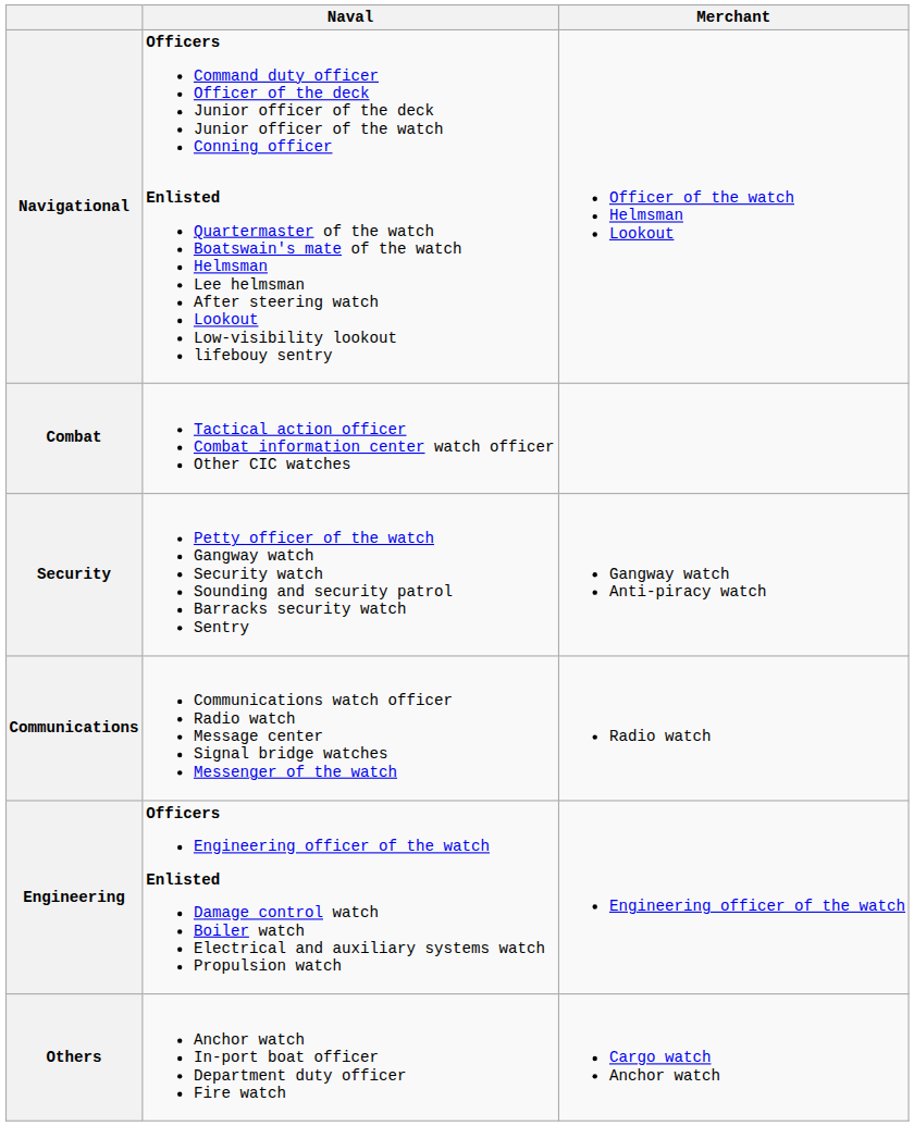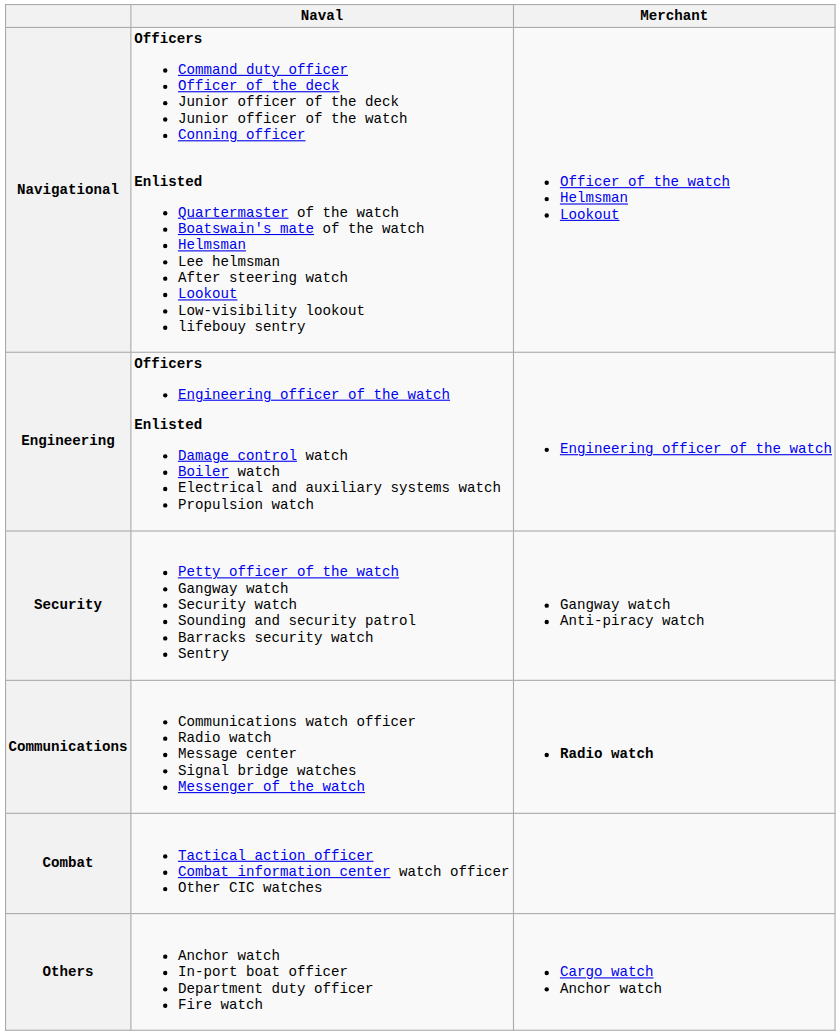 <table class="wikitable" style="margin-left: auto; margin-right: auto; border: none;">
 <tr>
 <th></th>
 <th>Naval</th>
 <th>Merchant</th>
 </tr>
 <tr>
 <th>Navigational</th>
 <td><strong>Officers</strong><br><ul><li><a href='#'>Command duty officer</a></li><li><a href='#'>Officer of the deck</a></li><li>Junior officer of the deck</li><li>Junior officer of the watch</li><li><a href='#'>Conning officer</a></li></ul><br><strong>Enlisted</strong><ul><li><a href='#'>Quartermaster</a> of the watch</li><li><a href='#'>Boatswain's mate</a> of the watch</li><li><a href='#'>Helmsman</a></li><li>Lee helmsman</li><li>After steering watch</li><li><a href='#'>Lookout</a></li><li>Low-visibility lookout</li><li>lifebouy sentry</li></ul></td>
 <td><br><ul><li><a href='#'>Officer of the watch</a></li><li><a href='#'>Helmsman</a></li><li><a href='#'>Lookout</a></li></ul></td>
 </tr>
 <tr>
-<th>Combat</th>
-<td><br><ul><li><a href='#'>Tactical action officer</a></li><li><a href='#'>Combat information center</a> watch officer</li><li>Other CIC watches</li></ul></td>
-<td></td>
+<th>Engineering</th>
+<td><strong>Officers</strong><br><ul><li><a href='#'>Engineering officer of the watch</a></li></ul> <strong>Enlisted</strong><ul><li><a href='#'>Damage control</a> watch</li><li><a href='#'>Boiler</a> watch</li><li>Electrical and auxiliary systems watch</li><li>Propulsion watch</li></ul></td>
+<td><br><ul><li><a href='#'>Engineering officer of the watch</a></li></ul></td>
 </tr>
 <tr>
 <th>Security</th>
 <td><br><ul><li><a href='#'>Petty officer of the watch</a></li><li>Gangway watch</li><li>Security watch</li><li>Sounding and security patrol</li><li>Barracks security watch</li><li>Sentry</li></ul></td>
 <td><br><ul><li>Gangway watch</li><li>Anti-piracy watch</li></ul></td>
 </tr>
 <tr>
 <th>Communications</th>
 <td><br><ul><li>Communications watch officer</li><li>Radio watch</li><li>Message center</li><li>Signal bridge watches</li><li><a href='#'>Messenger of the watch</a></li></ul></td>
-<td><br><ul><li>Radio watch</li></ul></td>
+<td><strong><br><ul><li>Radio watch</li></ul></strong></td>
 </tr>
 <tr>
-<th>Engineering</th>
-<td><strong>Officers</strong><br><ul><li><a href='#'>Engineering officer of the watch</a></li></ul> <strong>Enlisted</strong><ul><li><a href='#'>Damage control</a> watch</li><li><a href='#'>Boiler</a> watch</li><li>Electrical and auxiliary systems watch</li><li>Propulsion watch</li></ul></td>
-<td><br><ul><li><a href='#'>Engineering officer of the watch</a></li></ul></td>
+<th>Combat</th>
+<td><br><ul><li><a href='#'>Tactical action officer</a></li><li><a href='#'>Combat information center</a> watch officer</li><li>Other CIC watches</li></ul></td>
+<td></td>
 </tr>
 <tr>
 <th>Others</th>
 <td><br><ul><li>Anchor watch</li><li>In-port boat officer</li><li>Department duty officer</li><li>Fire watch</li></ul></td>
 <td><br><ul><li><a href='#'>Cargo watch</a></li><li>Anchor watch</li></ul></td>
 </tr>
 </table>
